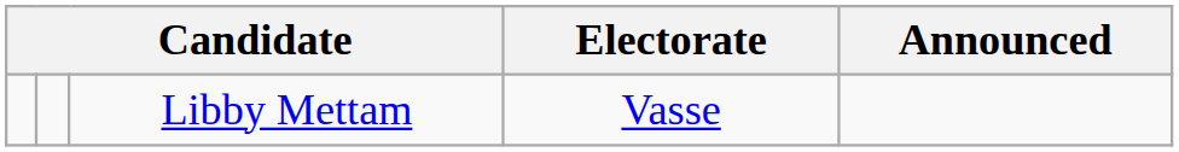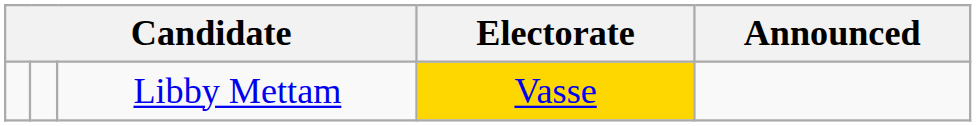 <table class="wikitable" style="text-align:center">
 <tr>
 <th width=175px; colspan=3>Candidate</th>
 <th width=115px>Electorate</th>
 <th width=115px>Announced</th>
 </tr>
 <tr>
 <td width="3pt" > </td>
 <td></td>
 <td><a href='#'>Libby Mettam</a></td>
-<td><a href='#'>Vasse</a></td>
+<td style="background: gold;"><a href='#'>Vasse</a></td>
 <td></td>
 </tr>
 </table>
